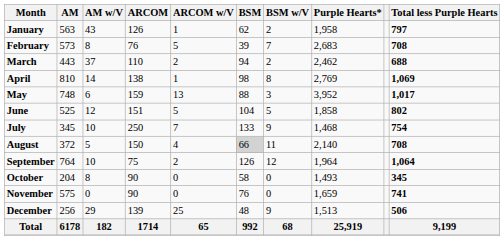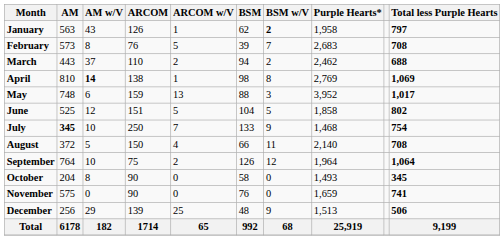 <table class="wikitable">
 <tr>
 <th>Month</th>
 <th>AM</th>
 <th>AM w/V</th>
 <th>ARCOM</th>
 <th>ARCOM w/V</th>
 <th>BSM</th>
 <th>BSM w/V</th>
 <th>Purple Hearts*</th>
 <th></th>
 <th>Total less Purple Hearts</th>
 </tr>
 <tr>
 <td><strong>January</strong></td>
 <td>563</td>
 <td>43</td>
 <td>126</td>
 <td>1</td>
 <td>62</td>
-<td>2</td>
+<td><strong>2</strong></td>
 <td>1,958</td>
 <td></td>
 <td><strong>797</strong></td>
 </tr>
 <tr>
 <td><strong>February</strong></td>
 <td>573</td>
 <td>8</td>
 <td>76</td>
 <td>5</td>
 <td>39</td>
 <td>7</td>
 <td>2,683</td>
 <td></td>
 <td><strong>708</strong></td>
 </tr>
 <tr>
 <td><strong>March</strong></td>
 <td>443</td>
 <td>37</td>
 <td>110</td>
 <td>2</td>
 <td>94</td>
 <td>2</td>
 <td>2,462</td>
 <td></td>
 <td><strong>688</strong></td>
 </tr>
 <tr>
 <td><strong>April</strong></td>
 <td>810</td>
-<td>14</td>
+<td><strong>14</strong></td>
 <td>138</td>
 <td>1</td>
 <td>98</td>
 <td>8</td>
 <td>2,769</td>
 <td></td>
 <td><strong>1,069</strong></td>
 </tr>
 <tr>
 <td><strong>May</strong></td>
 <td>748</td>
 <td>6</td>
 <td>159</td>
 <td>13</td>
 <td>88</td>
 <td>3</td>
 <td>3,952</td>
 <td></td>
 <td><strong>1,017</strong></td>
 </tr>
 <tr>
 <td><strong>June</strong></td>
 <td>525</td>
 <td>12</td>
 <td>151</td>
 <td>5</td>
 <td>104</td>
 <td>5</td>
 <td>1,858</td>
 <td></td>
 <td><strong>802</strong></td>
 </tr>
 <tr>
 <td><strong>July</strong></td>
-<td>345</td>
+<td><strong>345</strong></td>
 <td>10</td>
 <td>250</td>
 <td>7</td>
 <td>133</td>
 <td>9</td>
 <td>1,468</td>
 <td></td>
 <td><strong>754</strong></td>
 </tr>
 <tr>
 <td><strong>August</strong></td>
 <td>372</td>
 <td>5</td>
 <td>150</td>
 <td>4</td>
-<td style="background: lightgrey;">66</td>
+<td>66</td>
 <td>11</td>
 <td>2,140</td>
 <td></td>
 <td><strong>708</strong></td>
 </tr>
 <tr>
 <td><strong>September</strong></td>
 <td>764</td>
 <td>10</td>
 <td>75</td>
 <td>2</td>
 <td>126</td>
 <td>12</td>
 <td>1,964</td>
 <td></td>
 <td><strong>1,064</strong></td>
 </tr>
 <tr>
 <td><strong>October</strong></td>
 <td>204</td>
 <td>8</td>
 <td>90</td>
 <td>0</td>
 <td>58</td>
 <td>0</td>
 <td>1,493</td>
 <td></td>
 <td><strong>345</strong></td>
 </tr>
 <tr>
 <td><strong>November</strong></td>
 <td>575</td>
 <td>0</td>
 <td>90</td>
 <td>0</td>
 <td>76</td>
 <td>0</td>
 <td>1,659</td>
 <td></td>
 <td><strong>741</strong></td>
 </tr>
 <tr>
 <td><strong>December</strong></td>
 <td>256</td>
 <td>29</td>
 <td>139</td>
 <td>25</td>
 <td>48</td>
 <td>9</td>
 <td>1,513</td>
 <td></td>
 <td><strong>506</strong></td>
 </tr>
 <tr>
 <th>Total</th>
 <th>6178</th>
 <th>182</th>
 <th>1714</th>
 <th>65</th>
 <th>992</th>
 <th>68</th>
 <th>25,919</th>
 <th></th>
 <th>9,199</th>
 </tr>
 <tr>
 </tr>
 </table>
